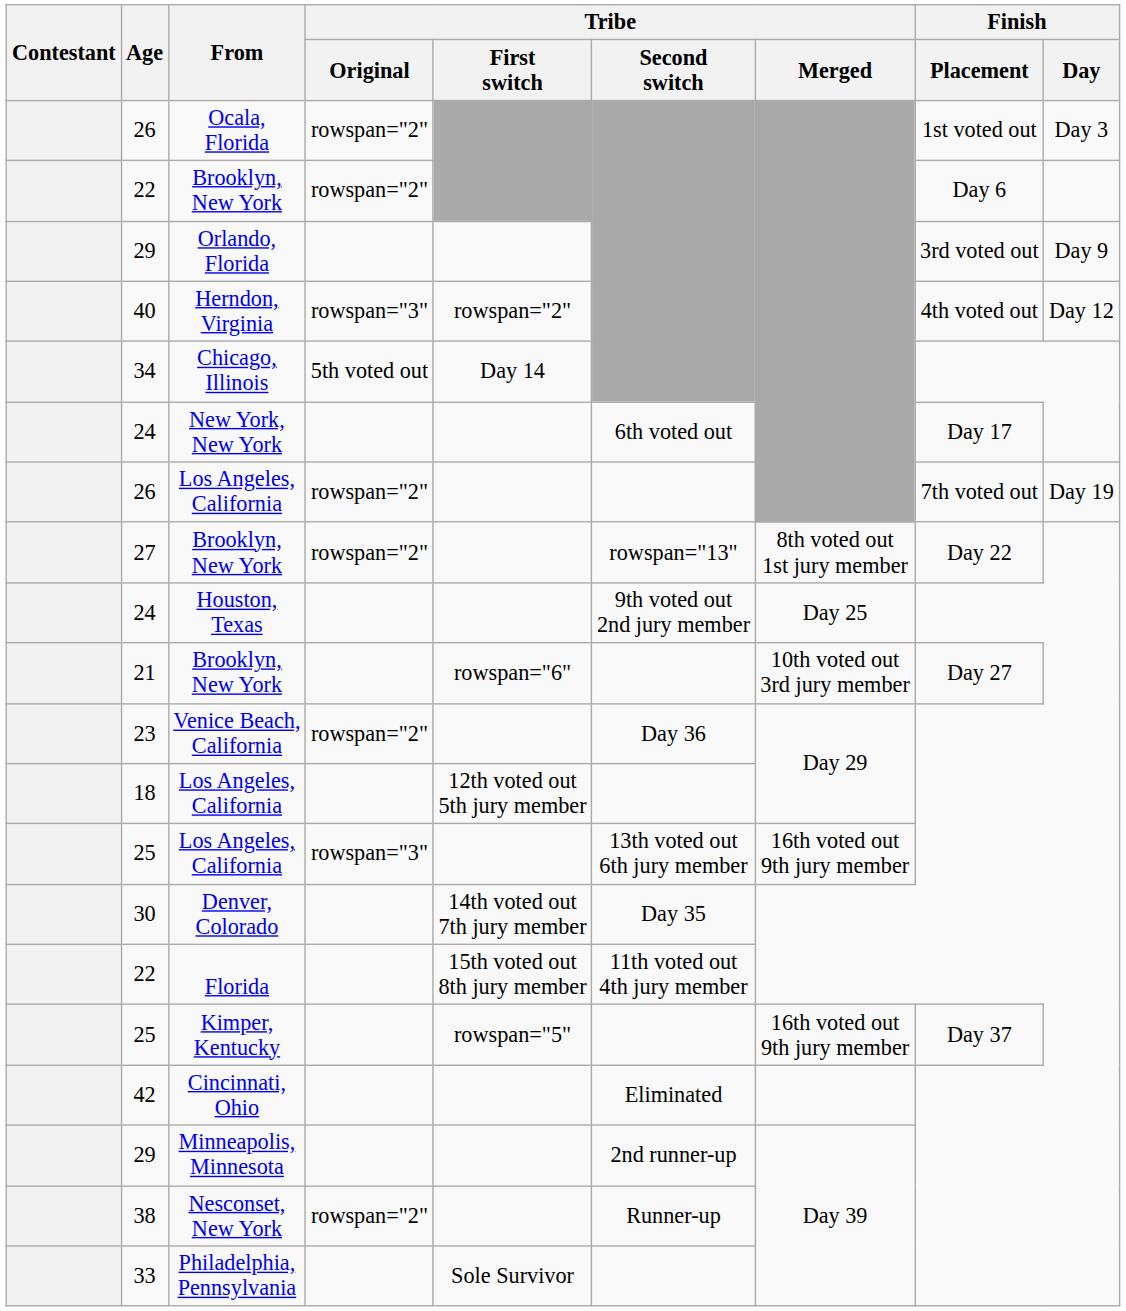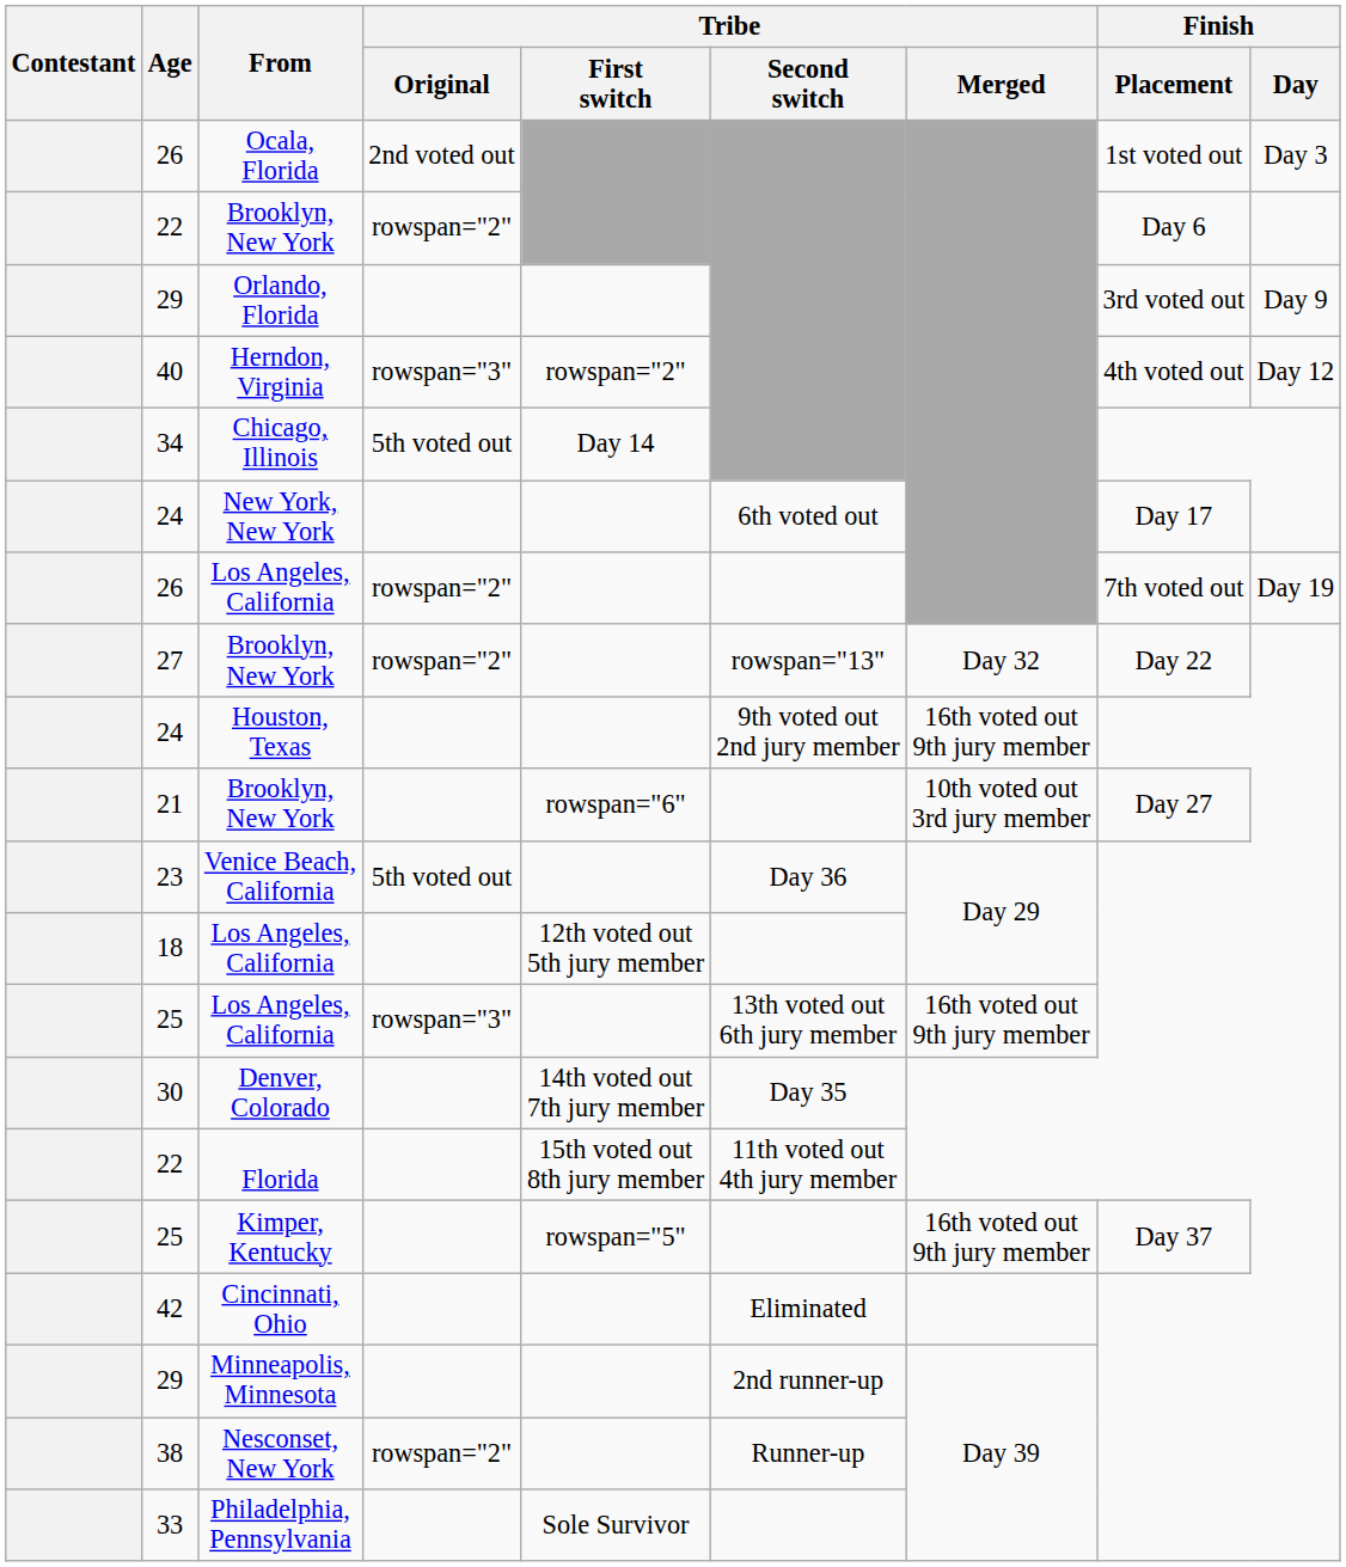 <table class="wikitable sortable" style="margin:auto; text-align:center">
 <tr>
 <th rowspan="2" scope="col">Contestant</th>
 <th rowspan="2" scope="col">Age</th>
 <th rowspan="2" scope="col" class=unsortable>From</th>
 <th colspan="4" scope="colgroup">Tribe</th>
 <th colspan="2" scope="colgroup">Finish</th>
 </tr>
 <tr>
 <th scope="col">Original</th>
 <th scope="col">First<br>switch</th>
 <th scope="col">Second<br>switch</th>
 <th scope="col" class=unsortable>Merged</th>
 <th scope="col" class=unsortable>Placement</th>
 <th scope="col" class=unsortable>Day</th>
 </tr>
 <tr>
 <th scope="row" style=text-align:left></th>
 <td>26</td>
 <td><a href='#'>Ocala,<br>Florida</a></td>
-<td>rowspan="2" </td>
+<td>2nd voted out</td>
 <td rowspan="2" bgcolor="darkgray"></td>
 <td rowspan="5" bgcolor="darkgray"></td>
 <td rowspan="7" bgcolor="darkgray"></td>
 <td>1st voted out</td>
 <td>Day 3</td>
 </tr>
 <tr>
 <th scope="row" style=text-align:left></th>
 <td>22</td>
 <td><a href='#'>Brooklyn,<br>New York</a></td>
 <td>rowspan="2" </td>
 <td>Day 6</td>
 </tr>
 <tr>
 <th scope="row" style=text-align:left></th>
 <td>29</td>
 <td><a href='#'>Orlando,<br>Florida</a></td>
 <td></td>
 <td></td>
 <td>3rd voted out</td>
 <td>Day 9</td>
 </tr>
 <tr>
 <th scope="row" style=text-align:left></th>
 <td>40</td>
 <td><a href='#'>Herndon,<br>Virginia</a></td>
 <td>rowspan="3" </td>
 <td>rowspan="2" </td>
 <td>4th voted out</td>
 <td>Day 12</td>
 </tr>
 <tr>
 <th scope="row" style=text-align:left></th>
 <td>34</td>
 <td><a href='#'>Chicago,<br>Illinois</a></td>
 <td>5th voted out</td>
 <td>Day 14</td>
 </tr>
 <tr>
 <th scope="row" style=text-align:left></th>
 <td>24</td>
 <td><a href='#'>New York,<br>New York</a></td>
 <td></td>
 <td></td>
 <td>6th voted out</td>
 <td>Day 17</td>
 </tr>
 <tr>
 <th scope="row" style=text-align:left></th>
 <td>26</td>
 <td><a href='#'>Los Angeles,<br>California</a></td>
 <td>rowspan="2" </td>
 <td></td>
 <td></td>
 <td>7th voted out</td>
 <td>Day 19</td>
 </tr>
 <tr>
 <th scope="row" style=text-align:left></th>
 <td>27</td>
 <td><a href='#'>Brooklyn,<br>New York</a></td>
 <td>rowspan="2" </td>
 <td></td>
 <td>rowspan="13" </td>
-<td>8th voted out<br>1st jury member</td>
+<td>Day 32</td>
 <td>Day 22</td>
 </tr>
 <tr>
 <th scope="row" style=text-align:left></th>
 <td>24</td>
 <td><a href='#'>Houston,<br>Texas</a></td>
 <td></td>
 <td></td>
 <td>9th voted out<br>2nd jury member</td>
-<td>Day 25</td>
+<td>16th voted out<br>9th jury member</td>
 </tr>
 <tr>
 <th scope="row" style=text-align:left></th>
 <td>21</td>
 <td><a href='#'>Brooklyn,<br>New York</a></td>
 <td></td>
 <td>rowspan="6" </td>
 <td></td>
 <td>10th voted out<br>3rd jury member</td>
 <td>Day 27</td>
 </tr>
 <tr>
 <th scope="row" style=text-align:left></th>
 <td>23</td>
 <td><a href='#'>Venice Beach,<br>California</a></td>
-<td>rowspan="2" </td>
+<td>5th voted out</td>
 <td></td>
 <td>Day 36</td>
 <td rowspan="2">Day 29</td>
 </tr>
 <tr>
 <th scope="row" style=text-align:left></th>
 <td>18</td>
 <td><a href='#'>Los Angeles,<br>California</a></td>
 <td></td>
 <td>12th voted out<br>5th jury member</td>
 </tr>
 <tr>
 <th scope="row" style=text-align:left></th>
 <td>25</td>
 <td><a href='#'>Los Angeles,<br>California</a></td>
 <td>rowspan="3" </td>
 <td></td>
 <td>13th voted out<br>6th jury member</td>
 <td>16th voted out<br>9th jury member</td>
 </tr>
 <tr>
 <th scope="row" style=text-align:left></th>
 <td>30</td>
 <td><a href='#'>Denver,<br>Colorado</a></td>
 <td></td>
 <td>14th voted out<br>7th jury member</td>
 <td>Day 35</td>
 </tr>
 <tr>
 <th scope="row" style=text-align:left></th>
 <td>22</td>
 <td><a href='#'><br>Florida</a></td>
 <td></td>
 <td>15th voted out<br>8th jury member</td>
 <td>11th voted out<br>4th jury member</td>
 </tr>
 <tr>
 <th scope="row" style=text-align:left></th>
 <td>25</td>
 <td><a href='#'>Kimper,<br>Kentucky</a></td>
 <td></td>
 <td>rowspan="5" </td>
 <td></td>
 <td>16th voted out<br>9th jury member</td>
 <td>Day 37</td>
 </tr>
 <tr>
 <th scope="row" style=text-align:left></th>
 <td>42</td>
 <td><a href='#'>Cincinnati,<br>Ohio</a></td>
 <td></td>
 <td></td>
 <td>Eliminated<br></td>
 <td></td>
 </tr>
 <tr>
 <th scope="row" style=text-align:left></th>
 <td>29</td>
 <td><a href='#'>Minneapolis,<br>Minnesota</a></td>
 <td></td>
 <td></td>
 <td>2nd runner-up<br></td>
 <td rowspan="3">Day 39</td>
 </tr>
 <tr>
 <th scope="row" style=text-align:left></th>
 <td>38</td>
 <td><a href='#'>Nesconset,<br>New York</a></td>
 <td>rowspan="2" </td>
 <td></td>
 <td>Runner-up</td>
 </tr>
 <tr>
 <th scope="row" style=text-align:left></th>
 <td>33</td>
 <td><a href='#'>Philadelphia,<br>Pennsylvania</a></td>
 <td></td>
 <td>Sole Survivor</td>
 </tr>
 </table>
